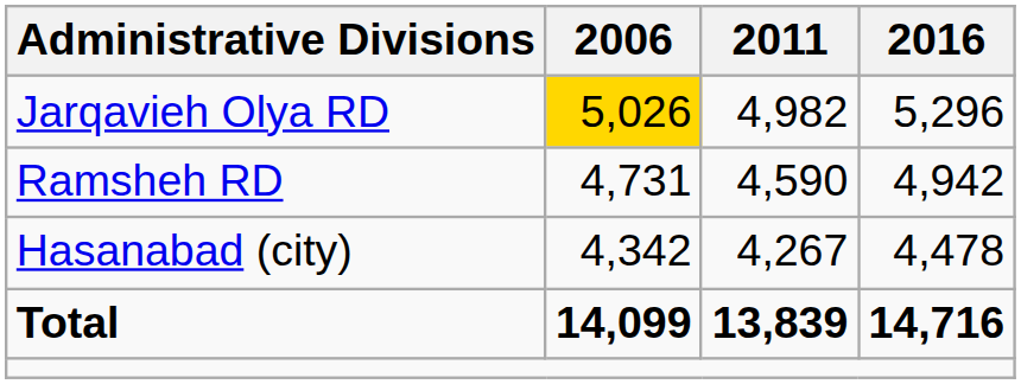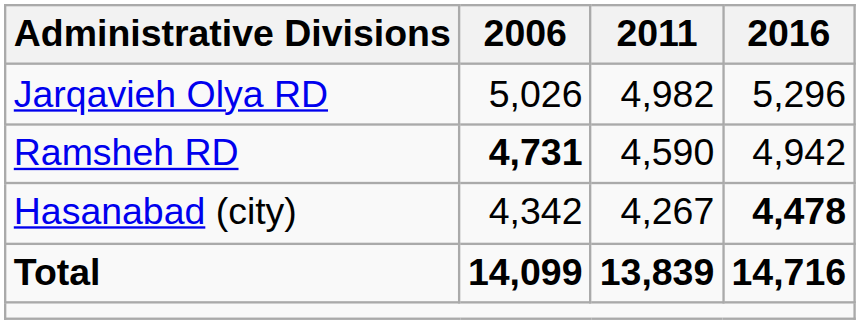 <table class="wikitable">
 <tr>
 <th>Administrative Divisions</th>
 <th>2006</th>
 <th>2011</th>
 <th>2016</th>
 </tr>
 <tr>
 <td><a href='#'>Jarqavieh Olya RD</a></td>
-<td style="background: gold; text-align: right;">5,026</td>
+<td style="text-align: right;">5,026</td>
 <td style="text-align: right;">4,982</td>
 <td style="text-align: right;">5,296</td>
 </tr>
 <tr>
 <td><a href='#'>Ramsheh RD</a></td>
-<td style="text-align: right;">4,731</td>
+<td style="text-align: right;"><strong>4,731</strong></td>
 <td style="text-align: right;">4,590</td>
 <td style="text-align: right;">4,942</td>
 </tr>
 <tr>
 <td><a href='#'>Hasanabad</a> (city)</td>
 <td style="text-align: right;">4,342</td>
 <td style="text-align: right;">4,267</td>
-<td style="text-align: right;">4,478</td>
+<td style="text-align: right;"><strong>4,478</strong></td>
 </tr>
 <tr>
 <td><strong>Total</strong></td>
 <td style="text-align: right;"><strong>14,099</strong></td>
 <td style="text-align: right;"><strong>13,839</strong></td>
 <td style="text-align: right;"><strong>14,716</strong></td>
 </tr>
 <tr>
 <td colspan=4></td>
 </tr>
 </table>
